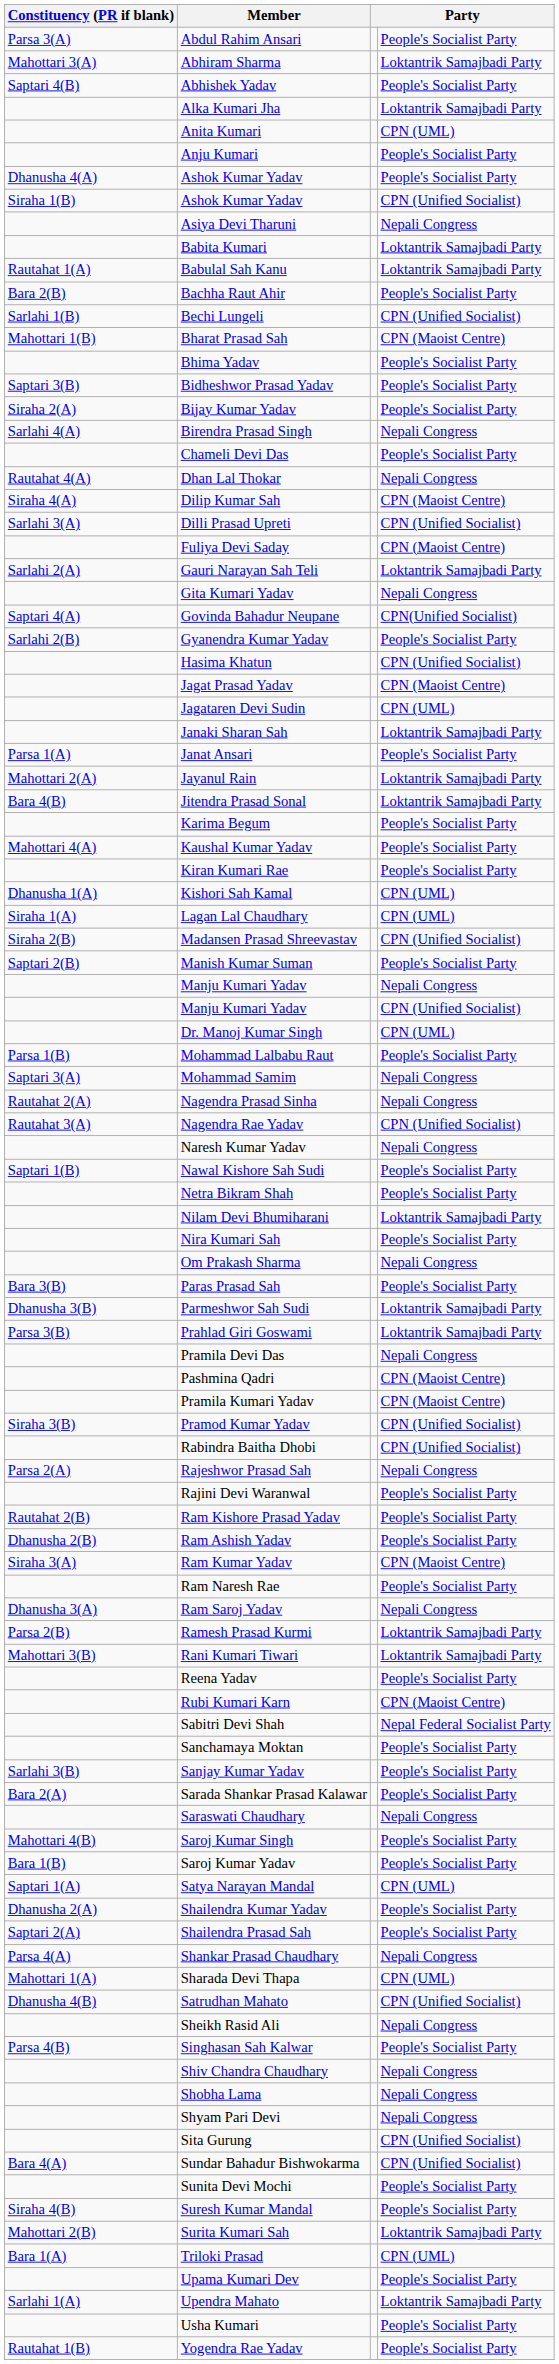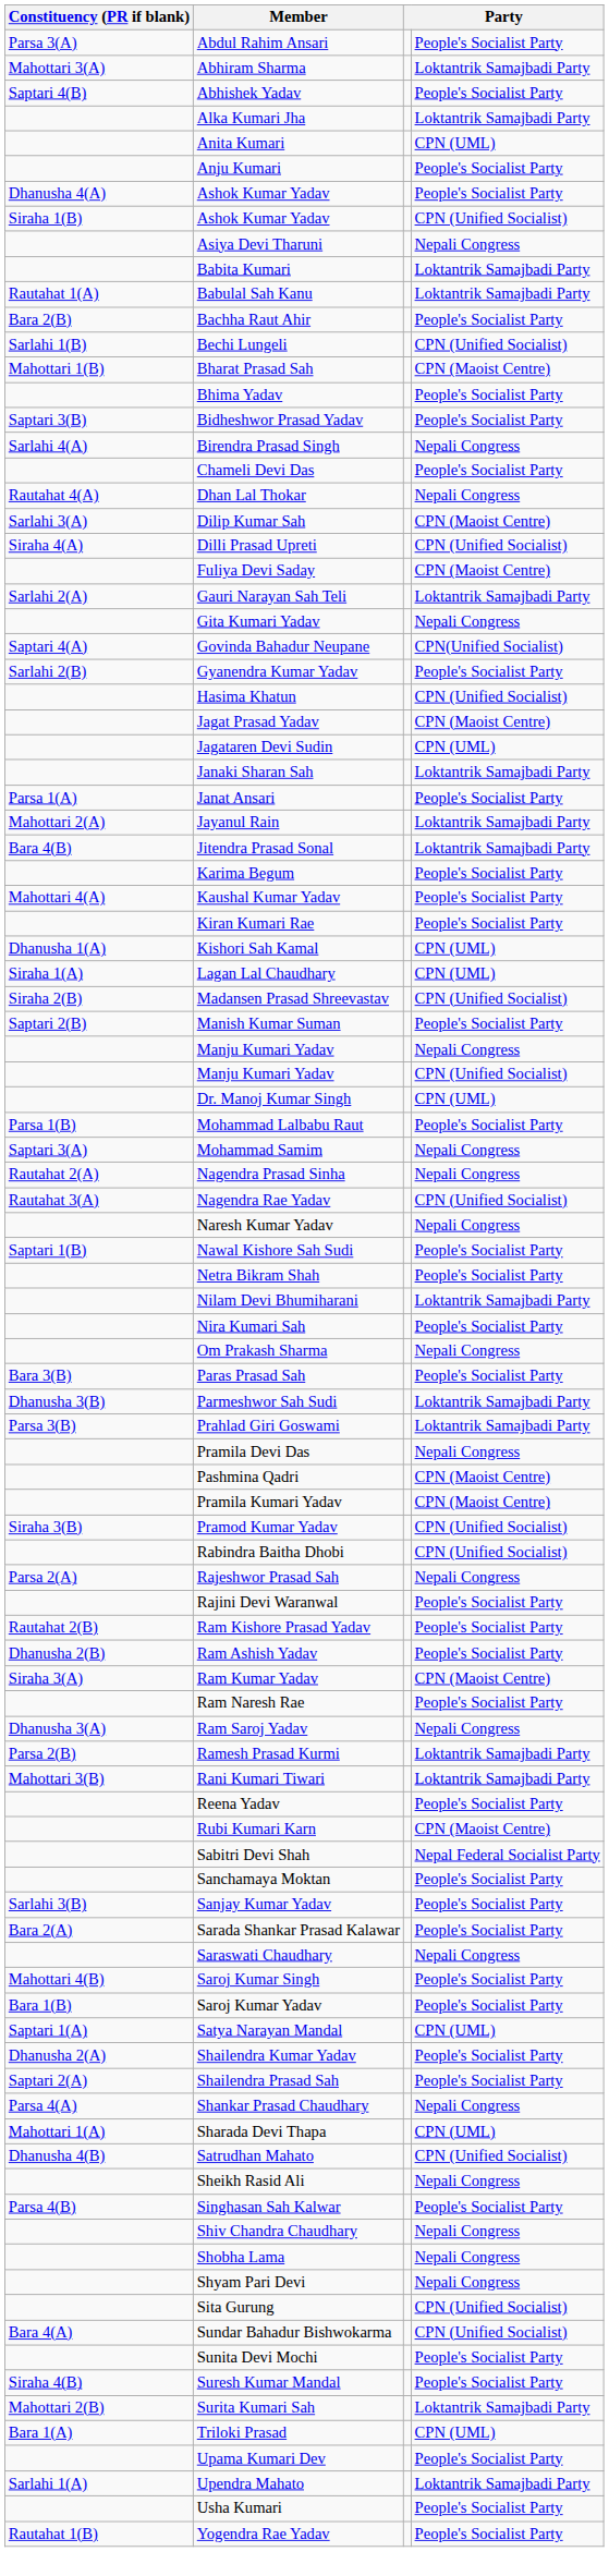 <table class="wikitable sortable">
 <tr>
 <th><a href='#'>Constituency</a> (<a href='#'>PR</a> if blank)</th>
 <th>Member</th>
 <th colspan="2">Party</th>
 </tr>
 <tr>
 <td><a href='#'>Parsa 3(A)</a></td>
 <td><a href='#'>Abdul Rahim Ansari</a></td>
 <td></td>
 <td><a href='#'>People's Socialist Party</a></td>
 </tr>
 <tr>
 <td><a href='#'>Mahottari 3(A)</a></td>
 <td><a href='#'>Abhiram Sharma</a></td>
 <td></td>
 <td><a href='#'>Loktantrik Samajbadi Party</a></td>
 </tr>
 <tr>
 <td><a href='#'>Saptari 4(B)</a></td>
 <td><a href='#'>Abhishek Yadav</a></td>
 <td></td>
 <td><a href='#'>People's Socialist Party</a></td>
 </tr>
 <tr>
 <td></td>
 <td><a href='#'>Alka Kumari Jha</a></td>
 <td></td>
 <td><a href='#'>Loktantrik Samajbadi Party</a></td>
 </tr>
 <tr>
 <td></td>
 <td><a href='#'>Anita Kumari</a></td>
 <td></td>
 <td><a href='#'>CPN (UML)</a></td>
 </tr>
 <tr>
 <td></td>
 <td><a href='#'>Anju Kumari</a></td>
 <td></td>
 <td><a href='#'>People's Socialist Party</a></td>
 </tr>
 <tr>
 <td><a href='#'>Dhanusha 4(A)</a></td>
 <td><a href='#'>Ashok Kumar Yadav</a></td>
 <td></td>
 <td><a href='#'>People's Socialist Party</a></td>
 </tr>
 <tr>
 <td><a href='#'>Siraha 1(B)</a></td>
 <td><a href='#'>Ashok Kumar Yadav</a></td>
 <td></td>
 <td><a href='#'>CPN (Unified Socialist)</a></td>
 </tr>
 <tr>
 <td></td>
 <td><a href='#'>Asiya Devi Tharuni</a></td>
 <td></td>
 <td><a href='#'>Nepali Congress</a></td>
 </tr>
 <tr>
 <td></td>
 <td><a href='#'>Babita Kumari</a></td>
 <td></td>
 <td><a href='#'>Loktantrik Samajbadi Party</a></td>
 </tr>
 <tr>
 <td><a href='#'>Rautahat 1(A)</a></td>
 <td><a href='#'>Babulal Sah Kanu</a></td>
 <td></td>
 <td><a href='#'>Loktantrik Samajbadi Party</a></td>
 </tr>
 <tr>
 <td><a href='#'>Bara 2(B)</a></td>
 <td><a href='#'>Bachha Raut Ahir</a></td>
 <td></td>
 <td><a href='#'>People's Socialist Party</a></td>
 </tr>
 <tr>
 <td><a href='#'>Sarlahi 1(B)</a></td>
 <td><a href='#'>Bechi Lungeli</a></td>
 <td></td>
 <td><a href='#'>CPN (Unified Socialist)</a></td>
 </tr>
 <tr>
 <td><a href='#'>Mahottari 1(B)</a></td>
 <td><a href='#'>Bharat Prasad Sah</a></td>
 <td></td>
 <td><a href='#'>CPN (Maoist Centre)</a></td>
 </tr>
 <tr>
 <td></td>
 <td><a href='#'>Bhima Yadav</a></td>
 <td></td>
 <td><a href='#'>People's Socialist Party</a></td>
 </tr>
 <tr>
 <td><a href='#'>Saptari 3(B)</a></td>
 <td><a href='#'>Bidheshwor Prasad Yadav</a></td>
 <td></td>
 <td><a href='#'>People's Socialist Party</a></td>
 </tr>
 <tr>
-<td><a href='#'>Siraha 2(A)</a></td>
-<td><a href='#'>Bijay Kumar Yadav</a></td>
-<td></td>
-<td><a href='#'>People's Socialist Party</a></td>
-</tr>
-<tr>
 <td><a href='#'>Sarlahi 4(A)</a></td>
 <td><a href='#'>Birendra Prasad Singh</a></td>
 <td></td>
 <td><a href='#'>Nepali Congress</a></td>
 </tr>
 <tr>
 <td></td>
 <td><a href='#'>Chameli Devi Das</a></td>
 <td></td>
 <td><a href='#'>People's Socialist Party</a></td>
 </tr>
 <tr>
 <td><a href='#'>Rautahat 4(A)</a></td>
 <td><a href='#'>Dhan Lal Thokar</a></td>
 <td></td>
 <td><a href='#'>Nepali Congress</a></td>
 </tr>
 <tr>
-<td><a href='#'>Siraha 4(A)</a></td>
+<td><a href='#'>Sarlahi 3(A)</a></td>
 <td><a href='#'>Dilip Kumar Sah</a></td>
 <td></td>
 <td><a href='#'>CPN (Maoist Centre)</a></td>
 </tr>
 <tr>
-<td><a href='#'>Sarlahi 3(A)</a></td>
+<td><a href='#'>Siraha 4(A)</a></td>
 <td><a href='#'>Dilli Prasad Upreti</a></td>
 <td></td>
 <td><a href='#'>CPN (Unified Socialist)</a></td>
 </tr>
 <tr>
 <td></td>
 <td><a href='#'>Fuliya Devi Saday</a></td>
 <td></td>
 <td><a href='#'>CPN (Maoist Centre)</a></td>
 </tr>
 <tr>
 <td><a href='#'>Sarlahi 2(A)</a></td>
 <td><a href='#'>Gauri Narayan Sah Teli</a></td>
 <td></td>
 <td><a href='#'>Loktantrik Samajbadi Party</a></td>
 </tr>
 <tr>
 <td></td>
 <td><a href='#'>Gita Kumari Yadav</a></td>
 <td></td>
 <td><a href='#'>Nepali Congress</a></td>
 </tr>
 <tr>
 <td><a href='#'>Saptari 4(A)</a></td>
 <td><a href='#'>Govinda Bahadur Neupane</a></td>
 <td></td>
 <td><a href='#'>CPN(Unified Socialist)</a></td>
 </tr>
 <tr>
 <td><a href='#'>Sarlahi 2(B)</a></td>
 <td><a href='#'>Gyanendra Kumar Yadav</a></td>
 <td></td>
 <td><a href='#'>People's Socialist Party</a></td>
 </tr>
 <tr>
 <td></td>
 <td><a href='#'>Hasima Khatun</a></td>
 <td></td>
 <td><a href='#'>CPN (Unified Socialist)</a></td>
 </tr>
 <tr>
 <td></td>
 <td><a href='#'>Jagat Prasad Yadav</a></td>
 <td></td>
 <td><a href='#'>CPN (Maoist Centre)</a></td>
 </tr>
 <tr>
 <td></td>
 <td><a href='#'>Jagataren Devi Sudin</a></td>
 <td></td>
 <td><a href='#'>CPN (UML)</a></td>
 </tr>
 <tr>
 <td></td>
 <td><a href='#'>Janaki Sharan Sah</a></td>
 <td></td>
 <td><a href='#'>Loktantrik Samajbadi Party</a></td>
 </tr>
 <tr>
 <td><a href='#'>Parsa 1(A)</a></td>
 <td><a href='#'>Janat Ansari</a></td>
 <td></td>
 <td><a href='#'>People's Socialist Party</a></td>
 </tr>
 <tr>
 <td><a href='#'>Mahottari 2(A)</a></td>
 <td><a href='#'>Jayanul Rain</a></td>
 <td></td>
 <td><a href='#'>Loktantrik Samajbadi Party</a></td>
 </tr>
 <tr>
 <td><a href='#'>Bara 4(B)</a></td>
 <td><a href='#'>Jitendra Prasad Sonal</a></td>
 <td></td>
 <td><a href='#'>Loktantrik Samajbadi Party</a></td>
 </tr>
 <tr>
 <td></td>
 <td><a href='#'>Karima Begum</a></td>
 <td></td>
 <td><a href='#'>People's Socialist Party</a></td>
 </tr>
 <tr>
 <td><a href='#'>Mahottari 4(A)</a></td>
 <td><a href='#'>Kaushal Kumar Yadav</a></td>
 <td></td>
 <td><a href='#'>People's Socialist Party</a></td>
 </tr>
 <tr>
 <td></td>
 <td><a href='#'>Kiran Kumari Rae</a></td>
 <td></td>
 <td><a href='#'>People's Socialist Party</a></td>
 </tr>
 <tr>
 <td><a href='#'>Dhanusha 1(A)</a></td>
 <td><a href='#'>Kishori Sah Kamal</a></td>
 <td></td>
 <td><a href='#'>CPN (UML)</a></td>
 </tr>
 <tr>
 <td><a href='#'>Siraha 1(A)</a></td>
 <td><a href='#'>Lagan Lal Chaudhary</a></td>
 <td></td>
 <td><a href='#'>CPN (UML)</a></td>
 </tr>
 <tr>
 <td><a href='#'>Siraha 2(B)</a></td>
 <td><a href='#'>Madansen Prasad Shreevastav</a></td>
 <td></td>
 <td><a href='#'>CPN (Unified Socialist)</a></td>
 </tr>
 <tr>
 <td><a href='#'>Saptari 2(B)</a></td>
 <td><a href='#'>Manish Kumar Suman</a></td>
 <td></td>
 <td><a href='#'>People's Socialist Party</a></td>
 </tr>
 <tr>
 <td></td>
 <td><a href='#'>Manju Kumari Yadav</a></td>
 <td></td>
 <td><a href='#'>Nepali Congress</a></td>
 </tr>
 <tr>
 <td></td>
 <td><a href='#'>Manju Kumari Yadav</a></td>
 <td></td>
 <td><a href='#'>CPN (Unified Socialist)</a></td>
 </tr>
 <tr>
 <td></td>
 <td><a href='#'>Dr. Manoj Kumar Singh</a></td>
 <td></td>
 <td><a href='#'>CPN (UML)</a></td>
 </tr>
 <tr>
 <td><a href='#'>Parsa 1(B)</a></td>
 <td><a href='#'>Mohammad Lalbabu Raut</a></td>
 <td></td>
 <td><a href='#'>People's Socialist Party</a></td>
 </tr>
 <tr>
 <td><a href='#'>Saptari 3(A)</a></td>
 <td><a href='#'>Mohammad Samim</a></td>
 <td></td>
 <td><a href='#'>Nepali Congress</a></td>
 </tr>
 <tr>
 <td><a href='#'>Rautahat 2(A)</a></td>
 <td><a href='#'>Nagendra Prasad Sinha</a></td>
 <td></td>
 <td><a href='#'>Nepali Congress</a></td>
 </tr>
 <tr>
 <td><a href='#'>Rautahat 3(A)</a></td>
 <td><a href='#'>Nagendra Rae Yadav</a></td>
 <td></td>
 <td><a href='#'>CPN (Unified Socialist)</a></td>
 </tr>
 <tr>
 <td></td>
 <td>Naresh Kumar Yadav</td>
 <td></td>
 <td><a href='#'>Nepali Congress</a></td>
 </tr>
 <tr>
 <td><a href='#'>Saptari 1(B)</a></td>
 <td><a href='#'>Nawal Kishore Sah Sudi</a></td>
 <td></td>
 <td><a href='#'>People's Socialist Party</a></td>
 </tr>
 <tr>
 <td></td>
 <td><a href='#'>Netra Bikram Shah</a></td>
 <td></td>
 <td><a href='#'>People's Socialist Party</a></td>
 </tr>
 <tr>
 <td></td>
 <td><a href='#'>Nilam Devi Bhumiharani</a></td>
 <td></td>
 <td><a href='#'>Loktantrik Samajbadi Party</a></td>
 </tr>
 <tr>
 <td></td>
 <td><a href='#'>Nira Kumari Sah</a></td>
 <td></td>
 <td><a href='#'>People's Socialist Party</a></td>
 </tr>
 <tr>
 <td></td>
 <td><a href='#'>Om Prakash Sharma</a></td>
 <td></td>
 <td><a href='#'>Nepali Congress</a></td>
 </tr>
 <tr>
 <td><a href='#'>Bara 3(B)</a></td>
 <td><a href='#'>Paras Prasad Sah</a></td>
 <td></td>
 <td><a href='#'>People's Socialist Party</a></td>
 </tr>
 <tr>
 <td><a href='#'>Dhanusha 3(B)</a></td>
 <td><a href='#'>Parmeshwor Sah Sudi</a></td>
 <td></td>
 <td><a href='#'>Loktantrik Samajbadi Party</a></td>
 </tr>
 <tr>
 <td><a href='#'>Parsa 3(B)</a></td>
 <td><a href='#'>Prahlad Giri Goswami</a></td>
 <td></td>
 <td><a href='#'>Loktantrik Samajbadi Party</a></td>
 </tr>
 <tr>
 <td></td>
 <td>Pramila Devi Das</td>
 <td></td>
 <td><a href='#'>Nepali Congress</a></td>
 </tr>
 <tr>
 <td></td>
 <td>Pashmina Qadri</td>
 <td></td>
 <td><a href='#'>CPN (Maoist Centre)</a></td>
 </tr>
 <tr>
 <td></td>
 <td>Pramila Kumari Yadav</td>
 <td></td>
 <td><a href='#'>CPN (Maoist Centre)</a></td>
 </tr>
 <tr>
 <td><a href='#'>Siraha 3(B)</a></td>
 <td><a href='#'>Pramod Kumar Yadav</a></td>
 <td></td>
 <td><a href='#'>CPN (Unified Socialist)</a></td>
 </tr>
 <tr>
 <td></td>
 <td>Rabindra Baitha Dhobi</td>
 <td></td>
 <td><a href='#'>CPN (Unified Socialist)</a></td>
 </tr>
 <tr>
 <td><a href='#'>Parsa 2(A)</a></td>
 <td><a href='#'>Rajeshwor Prasad Sah</a></td>
 <td></td>
 <td><a href='#'>Nepali Congress</a></td>
 </tr>
 <tr>
 <td></td>
 <td>Rajini Devi Waranwal</td>
 <td></td>
 <td><a href='#'>People's Socialist Party</a></td>
 </tr>
 <tr>
 <td><a href='#'>Rautahat 2(B)</a></td>
 <td><a href='#'>Ram Kishore Prasad Yadav</a></td>
 <td></td>
 <td><a href='#'>People's Socialist Party</a></td>
 </tr>
 <tr>
 <td><a href='#'>Dhanusha 2(B)</a></td>
 <td><a href='#'>Ram Ashish Yadav</a></td>
 <td></td>
 <td><a href='#'>People's Socialist Party</a></td>
 </tr>
 <tr>
 <td><a href='#'>Siraha 3(A)</a></td>
 <td><a href='#'>Ram Kumar Yadav</a></td>
 <td></td>
 <td><a href='#'>CPN (Maoist Centre)</a></td>
 </tr>
 <tr>
 <td></td>
 <td>Ram Naresh Rae</td>
 <td></td>
 <td><a href='#'>People's Socialist Party</a></td>
 </tr>
 <tr>
 <td><a href='#'>Dhanusha 3(A)</a></td>
 <td><a href='#'>Ram Saroj Yadav</a></td>
 <td></td>
 <td><a href='#'>Nepali Congress</a></td>
 </tr>
 <tr>
 <td><a href='#'>Parsa 2(B)</a></td>
 <td><a href='#'>Ramesh Prasad Kurmi</a></td>
 <td></td>
 <td><a href='#'>Loktantrik Samajbadi Party</a></td>
 </tr>
 <tr>
 <td><a href='#'>Mahottari 3(B)</a></td>
 <td><a href='#'>Rani Kumari Tiwari</a></td>
 <td></td>
 <td><a href='#'>Loktantrik Samajbadi Party</a></td>
 </tr>
 <tr>
 <td></td>
 <td>Reena Yadav</td>
 <td></td>
 <td><a href='#'>People's Socialist Party</a></td>
 </tr>
 <tr>
 <td></td>
 <td><a href='#'>Rubi Kumari Karn</a></td>
 <td></td>
 <td><a href='#'>CPN (Maoist Centre)</a></td>
 </tr>
 <tr>
 <td></td>
 <td>Sabitri Devi Shah</td>
 <td></td>
 <td><a href='#'>Nepal Federal Socialist Party</a></td>
 </tr>
 <tr>
 <td></td>
 <td>Sanchamaya Moktan</td>
 <td></td>
 <td><a href='#'>People's Socialist Party</a></td>
 </tr>
 <tr>
 <td><a href='#'>Sarlahi 3(B)</a></td>
 <td><a href='#'>Sanjay Kumar Yadav</a></td>
 <td></td>
 <td><a href='#'>People's Socialist Party</a></td>
 </tr>
 <tr>
 <td><a href='#'>Bara 2(A)</a></td>
 <td>Sarada Shankar Prasad Kalawar</td>
 <td></td>
 <td><a href='#'>People's Socialist Party</a></td>
 </tr>
 <tr>
 <td></td>
 <td><a href='#'>Saraswati Chaudhary</a></td>
 <td></td>
 <td><a href='#'>Nepali Congress</a></td>
 </tr>
 <tr>
 <td><a href='#'>Mahottari 4(B)</a></td>
 <td><a href='#'>Saroj Kumar Singh</a></td>
 <td></td>
 <td><a href='#'>People's Socialist Party</a></td>
 </tr>
 <tr>
 <td><a href='#'>Bara 1(B)</a></td>
 <td>Saroj Kumar Yadav</td>
 <td></td>
 <td><a href='#'>People's Socialist Party</a></td>
 </tr>
 <tr>
 <td><a href='#'>Saptari 1(A)</a></td>
 <td><a href='#'>Satya Narayan Mandal</a></td>
 <td></td>
 <td><a href='#'>CPN (UML)</a></td>
 </tr>
 <tr>
 <td><a href='#'>Dhanusha 2(A)</a></td>
 <td><a href='#'>Shailendra Kumar Yadav</a></td>
 <td></td>
 <td><a href='#'>People's Socialist Party</a></td>
 </tr>
 <tr>
 <td><a href='#'>Saptari 2(A)</a></td>
 <td><a href='#'>Shailendra Prasad Sah</a></td>
 <td></td>
 <td><a href='#'>People's Socialist Party</a></td>
 </tr>
 <tr>
 <td><a href='#'>Parsa 4(A)</a></td>
 <td><a href='#'>Shankar Prasad Chaudhary</a></td>
 <td></td>
 <td><a href='#'>Nepali Congress</a></td>
 </tr>
 <tr>
 <td><a href='#'>Mahottari 1(A)</a></td>
 <td>Sharada Devi Thapa</td>
 <td></td>
 <td><a href='#'>CPN (UML)</a></td>
 </tr>
 <tr>
 <td><a href='#'>Dhanusha 4(B)</a></td>
 <td><a href='#'>Satrudhan Mahato</a></td>
 <td></td>
 <td><a href='#'>CPN (Unified Socialist)</a></td>
 </tr>
 <tr>
 <td></td>
 <td>Sheikh Rasid Ali</td>
 <td></td>
 <td><a href='#'>Nepali Congress</a></td>
 </tr>
 <tr>
 <td><a href='#'>Parsa 4(B)</a></td>
 <td><a href='#'>Singhasan Sah Kalwar</a></td>
 <td></td>
 <td><a href='#'>People's Socialist Party</a></td>
 </tr>
 <tr>
 <td></td>
 <td><a href='#'>Shiv Chandra Chaudhary</a></td>
 <td></td>
 <td><a href='#'>Nepali Congress</a></td>
 </tr>
 <tr>
 <td></td>
 <td><a href='#'>Shobha Lama</a></td>
 <td></td>
 <td><a href='#'>Nepali Congress</a></td>
 </tr>
 <tr>
 <td></td>
 <td>Shyam Pari Devi</td>
 <td></td>
 <td><a href='#'>Nepali Congress</a></td>
 </tr>
 <tr>
 <td></td>
 <td>Sita Gurung</td>
 <td></td>
 <td><a href='#'>CPN (Unified Socialist)</a></td>
 </tr>
 <tr>
 <td><a href='#'>Bara 4(A)</a></td>
 <td>Sundar Bahadur Bishwokarma</td>
 <td></td>
 <td><a href='#'>CPN (Unified Socialist)</a></td>
 </tr>
 <tr>
 <td></td>
 <td>Sunita Devi Mochi</td>
 <td></td>
 <td><a href='#'>People's Socialist Party</a></td>
 </tr>
 <tr>
 <td><a href='#'>Siraha 4(B)</a></td>
 <td><a href='#'>Suresh Kumar Mandal</a></td>
 <td></td>
 <td><a href='#'>People's Socialist Party</a></td>
 </tr>
 <tr>
 <td><a href='#'>Mahottari 2(B)</a></td>
 <td><a href='#'>Surita Kumari Sah</a></td>
 <td></td>
 <td><a href='#'>Loktantrik Samajbadi Party</a></td>
 </tr>
 <tr>
 <td><a href='#'>Bara 1(A)</a></td>
 <td><a href='#'>Triloki Prasad</a></td>
 <td></td>
 <td><a href='#'>CPN (UML)</a></td>
 </tr>
 <tr>
 <td></td>
 <td><a href='#'>Upama Kumari Dev</a></td>
 <td></td>
 <td><a href='#'>People's Socialist Party</a></td>
 </tr>
 <tr>
 <td><a href='#'>Sarlahi 1(A)</a></td>
 <td><a href='#'>Upendra Mahato</a></td>
 <td></td>
 <td><a href='#'>Loktantrik Samajbadi Party</a></td>
 </tr>
 <tr>
 <td></td>
 <td>Usha Kumari</td>
 <td></td>
 <td><a href='#'>People's Socialist Party</a></td>
 </tr>
 <tr>
 <td><a href='#'>Rautahat 1(B)</a></td>
 <td><a href='#'>Yogendra Rae Yadav</a></td>
 <td></td>
 <td><a href='#'>People's Socialist Party</a></td>
 </tr>
 </table>
